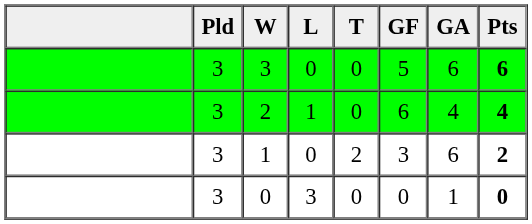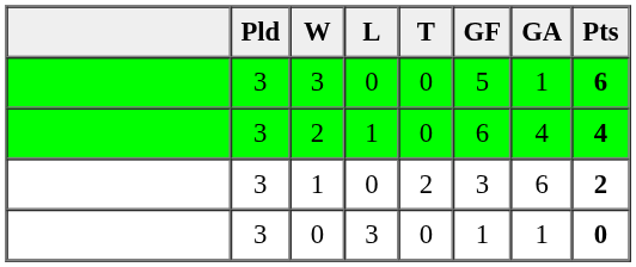 <table border=1 cellpadding=5 cellspacing=0>
 <tr>
 <th bgcolor="#efefef" width="120"></th>
 <th bgcolor="#efefef" width="20">Pld</th>
 <th bgcolor="#efefef" width="20">W</th>
 <th bgcolor="#efefef" width="20">L</th>
 <th bgcolor="#efefef" width="20">T</th>
 <th bgcolor="#efefef" width="20">GF</th>
 <th bgcolor="#efefef" width="20">GA</th>
 <th bgcolor="#efefef" width="20">Pts</th>
 </tr>
 <tr align=center bgcolor="lime">
 <td align=left></td>
 <td>3</td>
 <td>3</td>
 <td>0</td>
 <td>0</td>
 <td>5</td>
-<td>6</td>
+<td>1</td>
 <td><strong>6</strong></td>
 </tr>
 <tr align=center bgcolor="lime">
 <td align=left></td>
 <td>3</td>
 <td>2</td>
 <td>1</td>
 <td>0</td>
 <td>6</td>
 <td>4</td>
 <td><strong>4</strong></td>
 </tr>
 <tr align=center>
 <td align=left></td>
 <td>3</td>
 <td>1</td>
 <td>0</td>
 <td>2</td>
 <td>3</td>
 <td>6</td>
 <td><strong>2</strong></td>
 </tr>
 <tr align=center>
 <td align=left></td>
 <td>3</td>
 <td>0</td>
 <td>3</td>
 <td>0</td>
-<td>0</td>
+<td>1</td>
 <td>1</td>
 <td><strong>0</strong></td>
 </tr>
 <tr align=center>
 </tr>
 </table>
